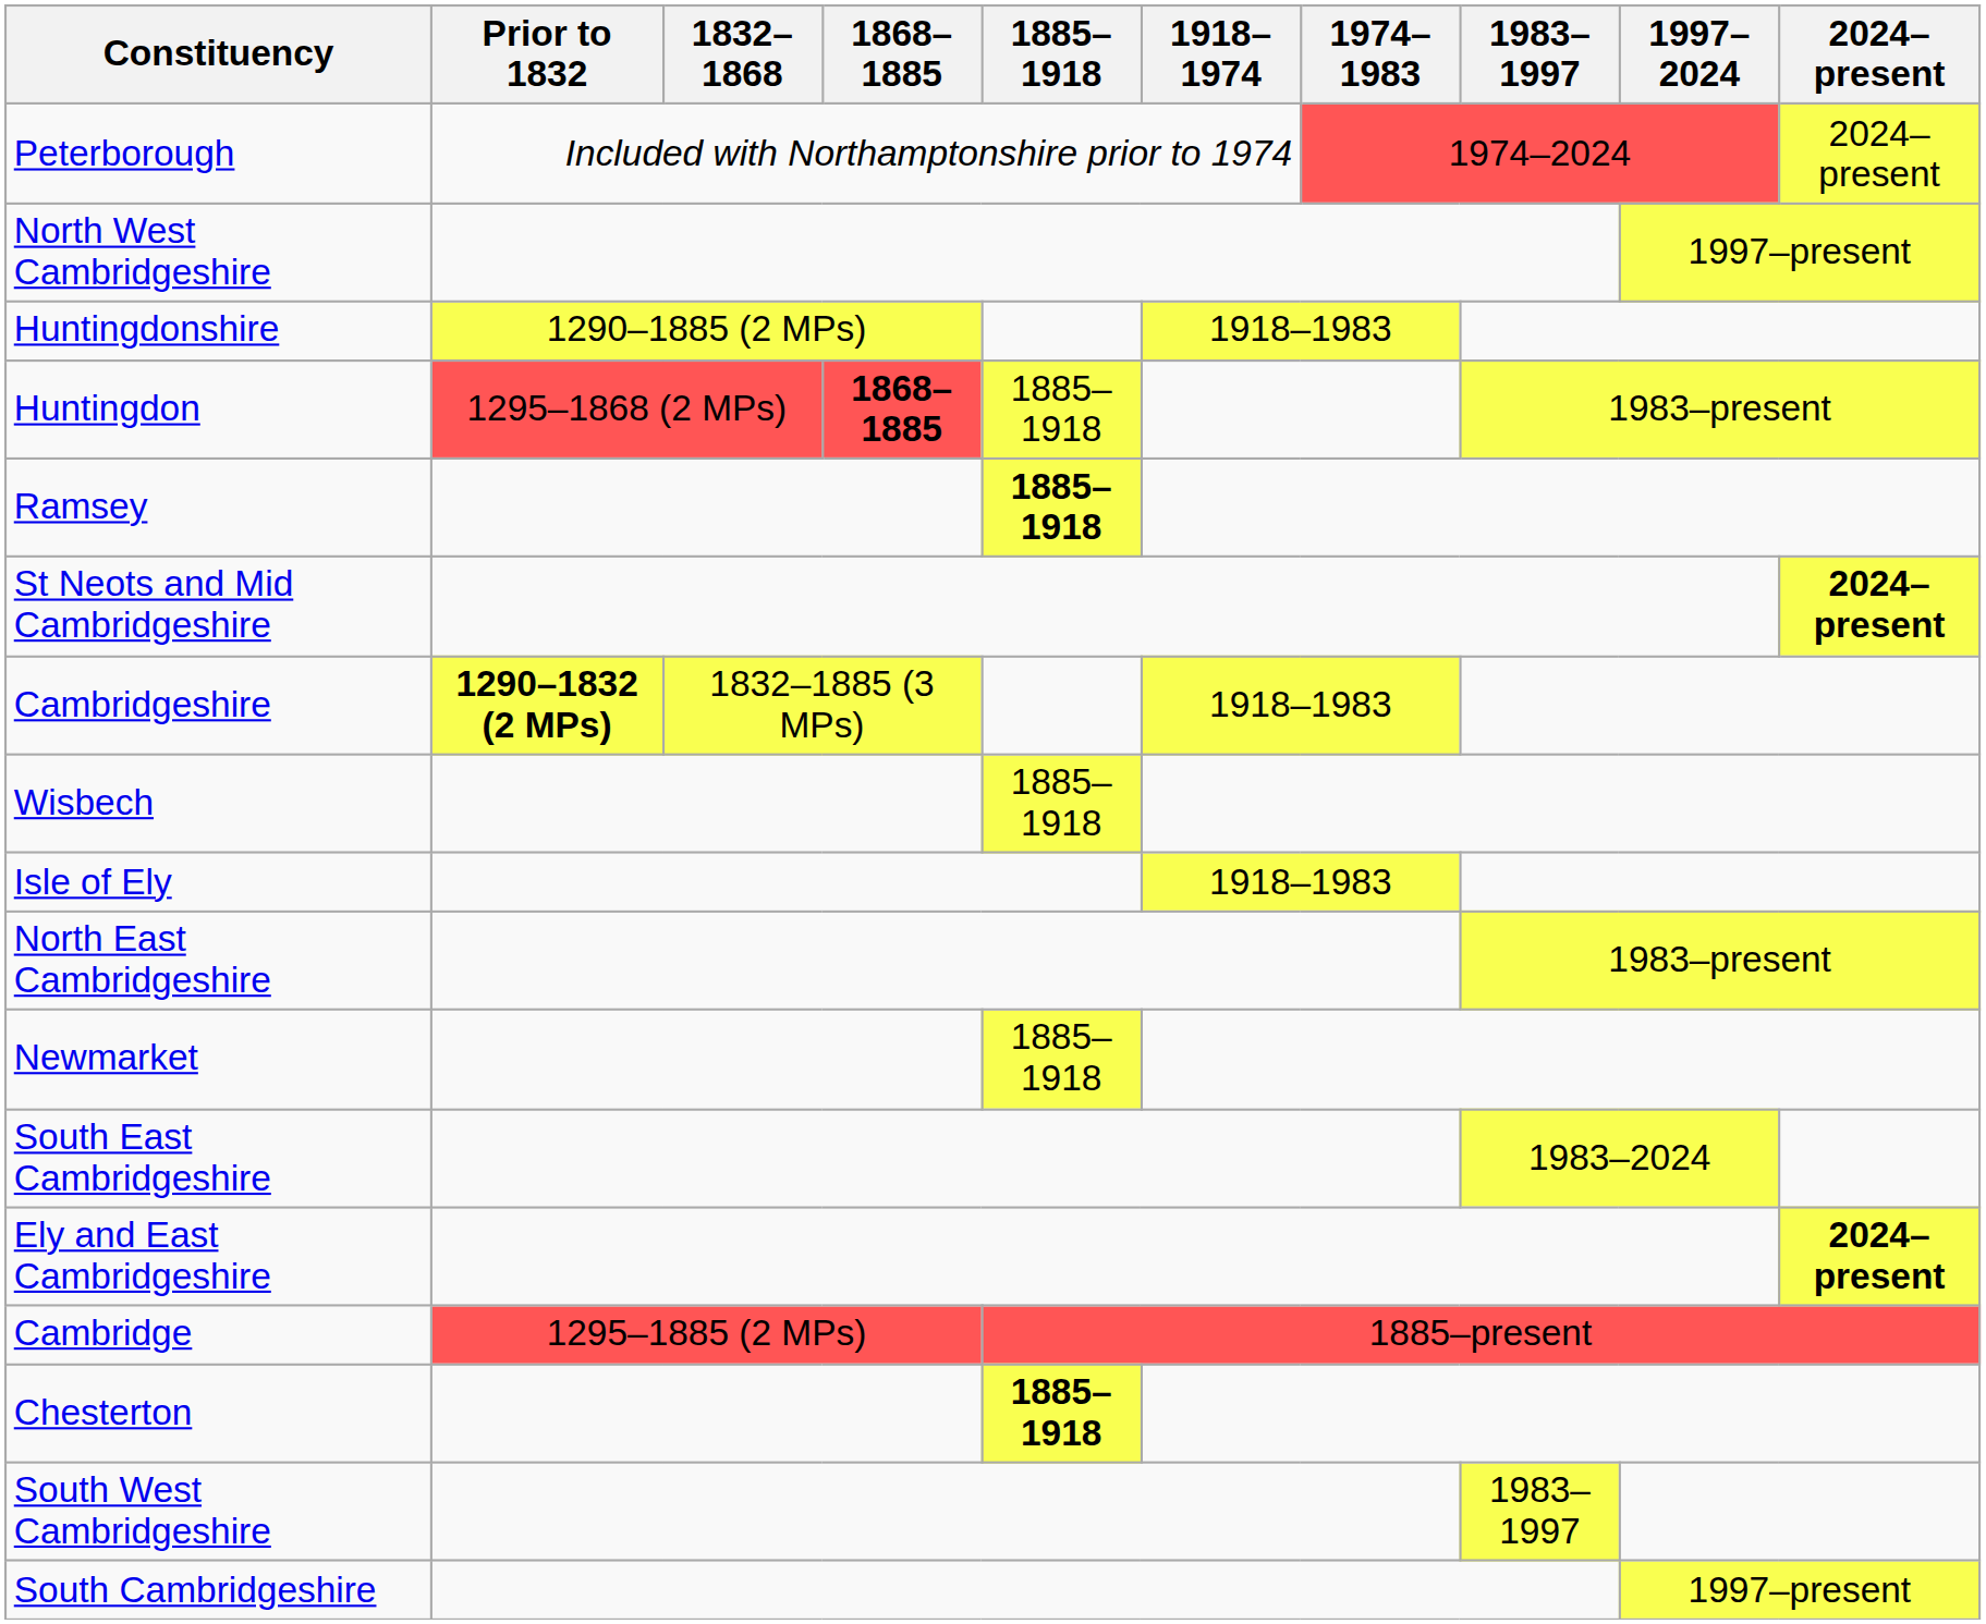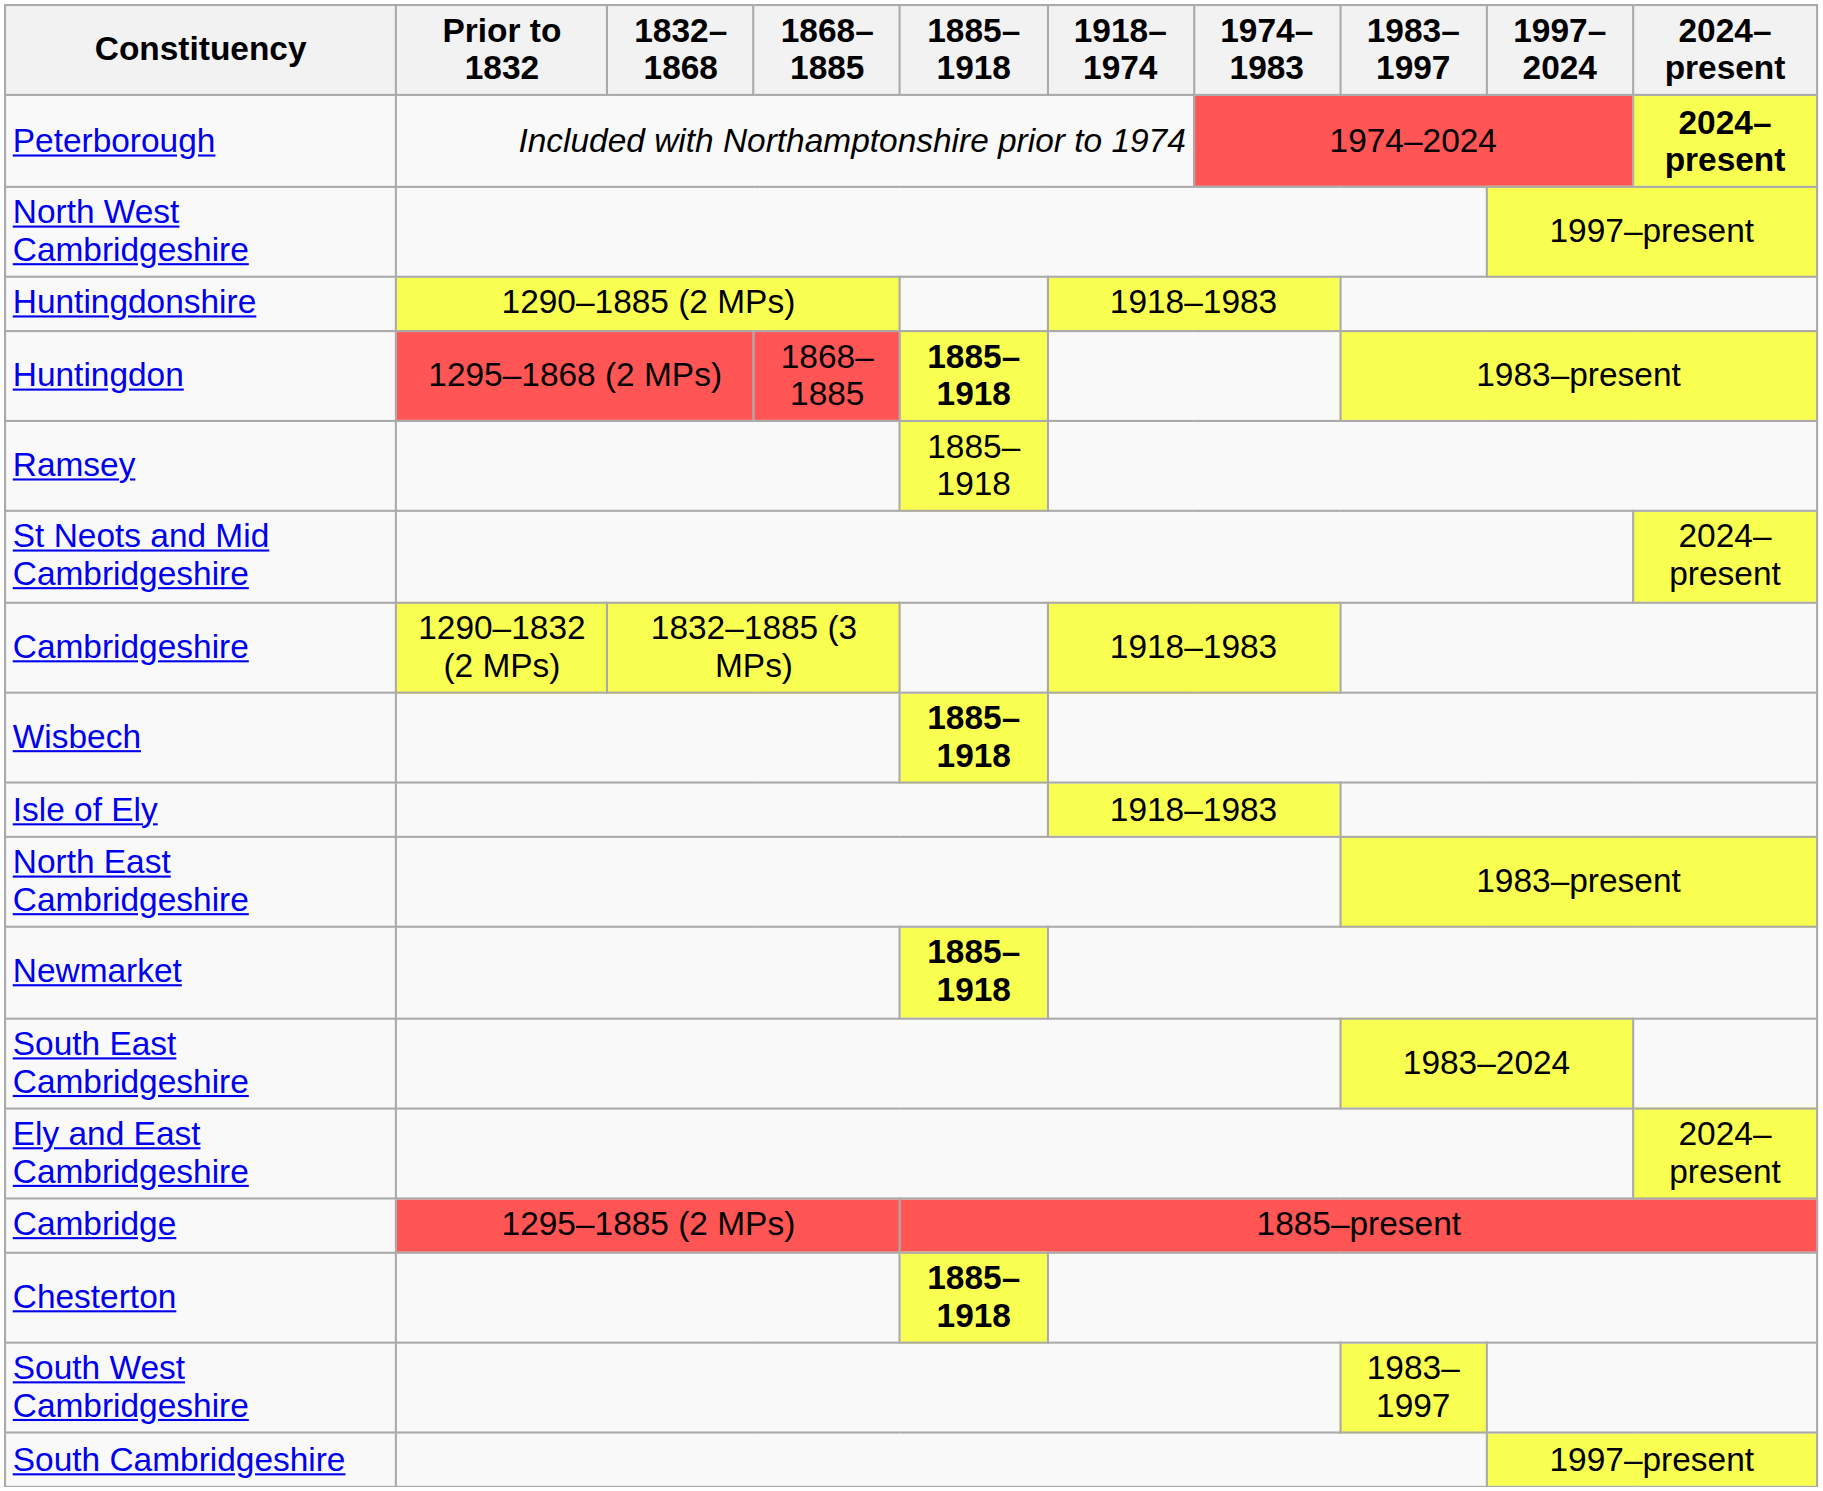 <table class="wikitable">
 <tr>
 <th>Constituency</th>
 <th>Prior to 1832</th>
 <th>1832–1868</th>
 <th>1868–1885</th>
 <th>1885–1918</th>
 <th>1918–1974</th>
 <th>1974–1983</th>
 <th>1983–1997</th>
 <th>1997–2024</th>
 <th>2024–present</th>
 </tr>
 <tr>
 <td><a href='#'>Peterborough</a></td>
 <td align="right" colspan="5"><em>Included with Northamptonshire prior to 1974</em></td>
 <td align="center" bgcolor="#ff5555" colspan="3">1974–2024</td>
-<td align="center" bgcolor="#f9ff50">2024–present</td>
+<td align="center" bgcolor="#f9ff50"><strong>2024–present</strong></td>
 </tr>
 <tr>
 <td><a href='#'>North West Cambridgeshire</a></td>
 <td colspan="7"></td>
 <td colspan="2" align="center" bgcolor="#f9ff50">1997–present</td>
 </tr>
 <tr>
 <td><a href='#'>Huntingdonshire</a></td>
 <td align="center" bgcolor="#f9ff50" colspan="3">1290–1885 (2 MPs)</td>
 <td></td>
 <td align="center" bgcolor="#f9ff50" colspan="2">1918–1983</td>
 <td colspan="3"></td>
 </tr>
 <tr>
 <td><a href='#'>Huntingdon</a></td>
 <td align="center" bgcolor="#ff5555" colspan="2">1295–1868 (2 MPs)</td>
-<td align="center" bgcolor="#ff5555"><strong>1868–1885</strong></td>
-<td align="center" bgcolor="#f9ff50">1885–1918</td>
+<td align="center" bgcolor="#ff5555">1868–1885</td>
+<td align="center" bgcolor="#f9ff50"><strong>1885–1918</strong></td>
 <td colspan="2"></td>
 <td colspan="3" align="center" bgcolor="#f9ff50">1983–present</td>
 </tr>
 <tr>
 <td><a href='#'>Ramsey</a></td>
 <td colspan="3"></td>
-<td align="center" bgcolor="#f9ff50"><strong>1885–1918</strong></td>
+<td align="center" bgcolor="#f9ff50">1885–1918</td>
 <td colspan="5"></td>
 </tr>
 <tr>
 <td><a href='#'>St Neots and Mid Cambridgeshire</a></td>
 <td colspan="8"></td>
-<td align="center" bgcolor="#f9ff50"><strong>2024–present</strong></td>
+<td align="center" bgcolor="#f9ff50">2024–present</td>
 </tr>
 <tr>
 <td><a href='#'>Cambridgeshire</a></td>
-<td align="center" bgcolor="#f9ff50"><strong>1290–1832 (2 MPs)</strong></td>
+<td align="center" bgcolor="#f9ff50">1290–1832 (2 MPs)</td>
 <td colspan="2" align="center" bgcolor="#f9ff50">1832–1885 (3 MPs)</td>
 <td></td>
 <td colspan="2" align="center" bgcolor="#f9ff50">1918–1983</td>
 <td colspan="3"></td>
 </tr>
 <tr>
 <td><a href='#'>Wisbech</a></td>
 <td colspan="3"></td>
-<td align="center" bgcolor="#f9ff50">1885–1918</td>
+<td align="center" bgcolor="#f9ff50"><strong>1885–1918</strong></td>
 <td colspan="5"></td>
 </tr>
 <tr>
 <td><a href='#'>Isle of Ely</a></td>
 <td colspan="4"></td>
 <td colspan="2" align="center" bgcolor="#f9ff50">1918–1983</td>
 <td colspan="3"></td>
 </tr>
 <tr>
 <td><a href='#'>North East Cambridgeshire</a></td>
 <td colspan="6"></td>
 <td colspan="3" align="center" bgcolor="#f9ff50">1983–present</td>
 </tr>
 <tr>
 <td><a href='#'>Newmarket</a></td>
 <td colspan="3"></td>
-<td align="center" bgcolor="#f9ff50">1885–1918</td>
+<td align="center" bgcolor="#f9ff50"><strong>1885–1918</strong></td>
 <td colspan="5"></td>
 </tr>
 <tr>
 <td><a href='#'>South East Cambridgeshire</a></td>
 <td colspan="6"></td>
 <td colspan="2" align="center" bgcolor="#f9ff50">1983–2024</td>
 <td></td>
 </tr>
 <tr>
 <td><a href='#'>Ely and East Cambridgeshire</a></td>
 <td colspan="8"></td>
-<td align="center" bgcolor="#f9ff50"><strong>2024–present</strong></td>
+<td align="center" bgcolor="#f9ff50">2024–present</td>
 </tr>
 <tr>
 <td><a href='#'>Cambridge</a></td>
 <td colspan="3" align="center" bgcolor="#ff5555">1295–1885 (2 MPs)</td>
 <td colspan="6" align="center" bgcolor="#ff5555">1885–present</td>
 </tr>
 <tr>
 <td><a href='#'>Chesterton</a></td>
 <td colspan="3"></td>
 <td align="center" bgcolor="#f9ff50"><strong>1885–1918</strong></td>
 <td colspan="5"></td>
 </tr>
 <tr>
 <td><a href='#'>South West Cambridgeshire</a></td>
 <td colspan="6"></td>
 <td align="center" bgcolor="#f9ff50">1983–1997</td>
 <td colspan="2"></td>
 </tr>
 <tr>
 <td><a href='#'>South Cambridgeshire</a></td>
 <td colspan="7"></td>
 <td colspan="2" align="center" bgcolor="#f9ff50">1997–present</td>
 </tr>
 </table>
